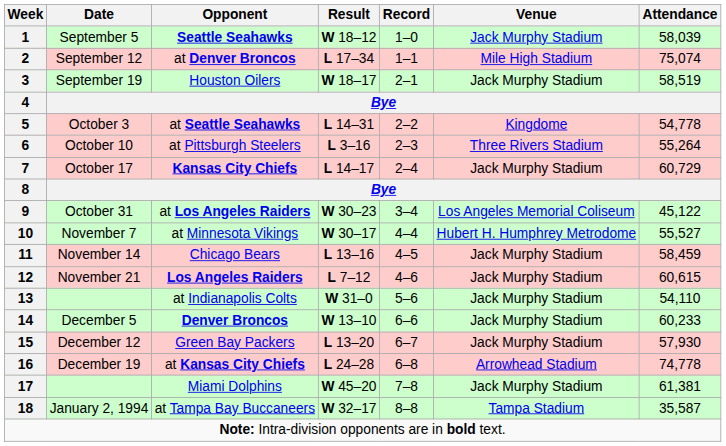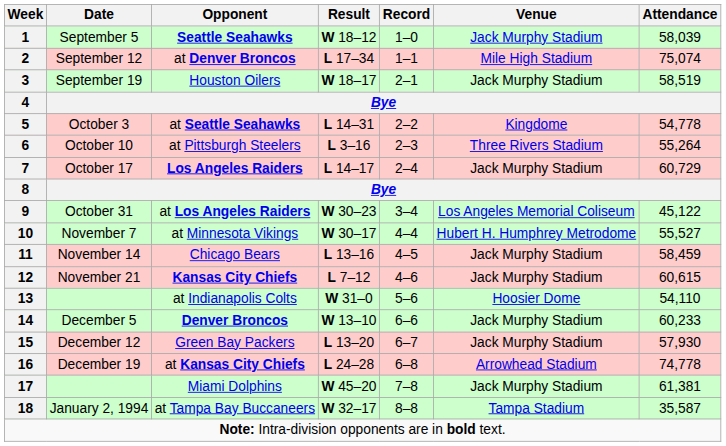 <table class="wikitable" style="text-align:center">
 <tr>
 <th>Week</th>
 <th>Date</th>
 <th>Opponent</th>
 <th>Result</th>
 <th>Record</th>
 <th>Venue</th>
 <th>Attendance</th>
 </tr>
 <tr style="background:#cfc">
 <th>1</th>
 <td>September 5</td>
 <td><strong><a href='#'>Seattle Seahawks</a></strong></td>
 <td><strong>W</strong> 18–12</td>
 <td>1–0</td>
 <td><a href='#'>Jack Murphy Stadium</a></td>
 <td>58,039</td>
 </tr>
 <tr style="background:#fcc">
 <th>2</th>
 <td>September 12</td>
 <td>at <strong><a href='#'>Denver Broncos</a></strong></td>
 <td><strong>L</strong> 17–34</td>
 <td>1–1</td>
 <td><a href='#'>Mile High Stadium</a></td>
 <td>75,074</td>
 </tr>
 <tr style="background:#cfc">
 <th>3</th>
 <td>September 19</td>
 <td><a href='#'>Houston Oilers</a></td>
 <td><strong>W</strong> 18–17</td>
 <td>2–1</td>
 <td>Jack Murphy Stadium</td>
 <td>58,519</td>
 </tr>
 <tr>
 <th>4</th>
 <th colspan="6"><em><a href='#'>Bye</a></em></th>
 </tr>
 <tr style="background:#fcc">
 <th>5</th>
 <td>October 3</td>
 <td>at <strong><a href='#'>Seattle Seahawks</a></strong></td>
 <td><strong>L</strong> 14–31</td>
 <td>2–2</td>
 <td><a href='#'>Kingdome</a></td>
 <td>54,778</td>
 </tr>
 <tr style="background:#fcc">
 <th>6</th>
 <td>October 10</td>
 <td>at <a href='#'>Pittsburgh Steelers</a></td>
 <td><strong>L</strong> 3–16</td>
 <td>2–3</td>
 <td><a href='#'>Three Rivers Stadium</a></td>
 <td>55,264</td>
 </tr>
 <tr style="background:#fcc">
 <th>7</th>
 <td>October 17</td>
-<td><strong><a href='#'>Kansas City Chiefs</a></strong></td>
+<td><strong><a href='#'>Los Angeles Raiders</a></strong></td>
 <td><strong>L</strong> 14–17</td>
 <td>2–4</td>
 <td>Jack Murphy Stadium</td>
 <td>60,729</td>
 </tr>
 <tr>
 <th>8</th>
 <th colspan="6"><em><a href='#'>Bye</a></em></th>
 </tr>
 <tr style="background:#cfc">
 <th>9</th>
 <td>October 31</td>
 <td>at <strong><a href='#'>Los Angeles Raiders</a></strong></td>
 <td><strong>W</strong> 30–23</td>
 <td>3–4</td>
 <td><a href='#'>Los Angeles Memorial Coliseum</a></td>
 <td>45,122</td>
 </tr>
 <tr style="background:#cfc">
 <th>10</th>
 <td>November 7</td>
 <td>at <a href='#'>Minnesota Vikings</a></td>
 <td><strong>W</strong> 30–17</td>
 <td>4–4</td>
 <td><a href='#'>Hubert H. Humphrey Metrodome</a></td>
 <td>55,527</td>
 </tr>
 <tr style="background:#fcc">
 <th>11</th>
 <td>November 14</td>
 <td><a href='#'>Chicago Bears</a></td>
 <td><strong>L</strong> 13–16</td>
 <td>4–5</td>
 <td>Jack Murphy Stadium</td>
 <td>58,459</td>
 </tr>
 <tr style="background:#fcc">
 <th>12</th>
 <td>November 21</td>
-<td><strong><a href='#'>Los Angeles Raiders</a></strong></td>
+<td><strong><a href='#'>Kansas City Chiefs</a></strong></td>
 <td><strong>L</strong> 7–12</td>
 <td>4–6</td>
 <td>Jack Murphy Stadium</td>
 <td>60,615</td>
 </tr>
 <tr style="background:#cfc">
 <th>13</th>
 <td></td>
 <td>at <a href='#'>Indianapolis Colts</a></td>
 <td><strong>W</strong> 31–0</td>
 <td>5–6</td>
-<td>Jack Murphy Stadium</td>
+<td><a href='#'>Hoosier Dome</a></td>
 <td>54,110</td>
 </tr>
 <tr style="background:#cfc">
 <th>14</th>
 <td>December 5</td>
 <td><strong><a href='#'>Denver Broncos</a></strong></td>
 <td><strong>W</strong> 13–10</td>
 <td>6–6</td>
 <td>Jack Murphy Stadium</td>
 <td>60,233</td>
 </tr>
 <tr style="background:#fcc">
 <th>15</th>
 <td>December 12</td>
 <td><a href='#'>Green Bay Packers</a></td>
 <td><strong>L</strong> 13–20</td>
 <td>6–7</td>
 <td>Jack Murphy Stadium</td>
 <td>57,930</td>
 </tr>
 <tr style="background:#fcc">
 <th>16</th>
 <td>December 19</td>
 <td>at <strong><a href='#'>Kansas City Chiefs</a></strong></td>
 <td><strong>L</strong> 24–28</td>
 <td>6–8</td>
 <td><a href='#'>Arrowhead Stadium</a></td>
 <td>74,778</td>
 </tr>
 <tr style="background:#cfc">
 <th>17</th>
 <td></td>
 <td><a href='#'>Miami Dolphins</a></td>
 <td><strong>W</strong> 45–20</td>
 <td>7–8</td>
 <td>Jack Murphy Stadium</td>
 <td>61,381</td>
 </tr>
 <tr style="background:#cfc">
 <th>18</th>
 <td>January 2, 1994</td>
 <td>at <a href='#'>Tampa Bay Buccaneers</a></td>
 <td><strong>W</strong> 32–17</td>
 <td>8–8</td>
 <td><a href='#'>Tampa Stadium</a></td>
 <td>35,587</td>
 </tr>
 <tr>
 <td colspan="7"><strong>Note:</strong> Intra-division opponents are in <strong>bold</strong> text.</td>
 </tr>
 </table>
